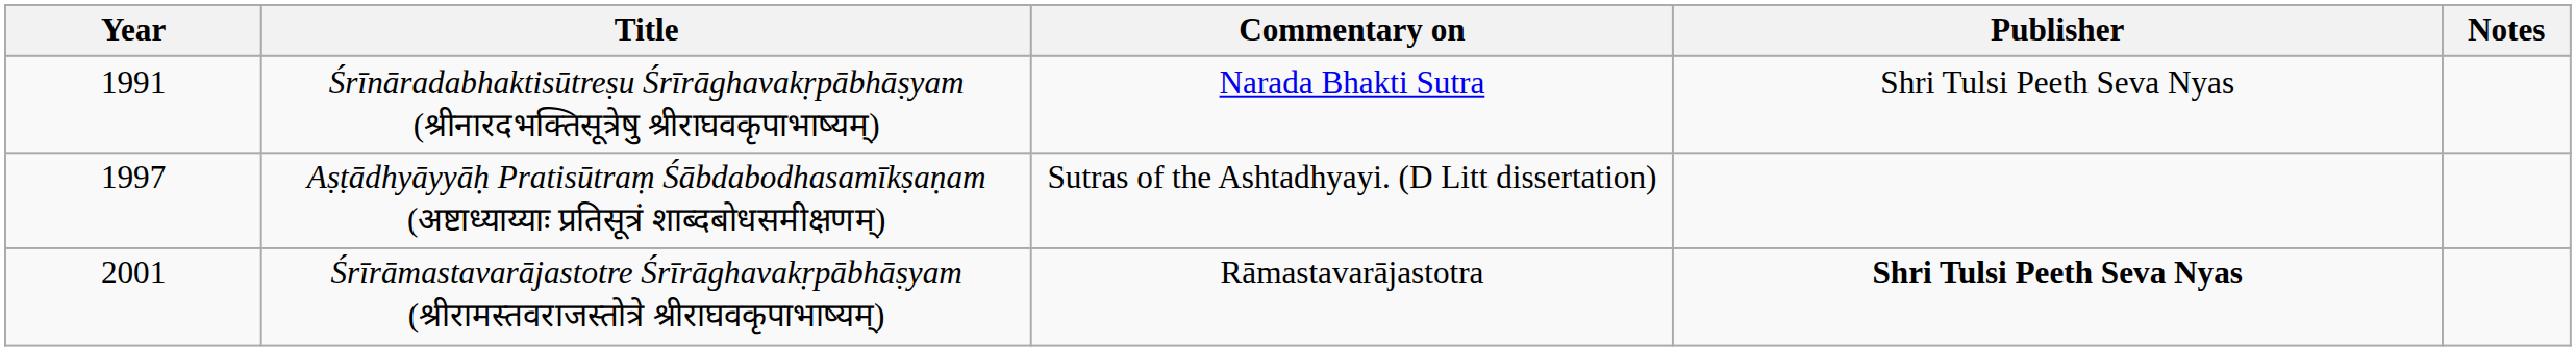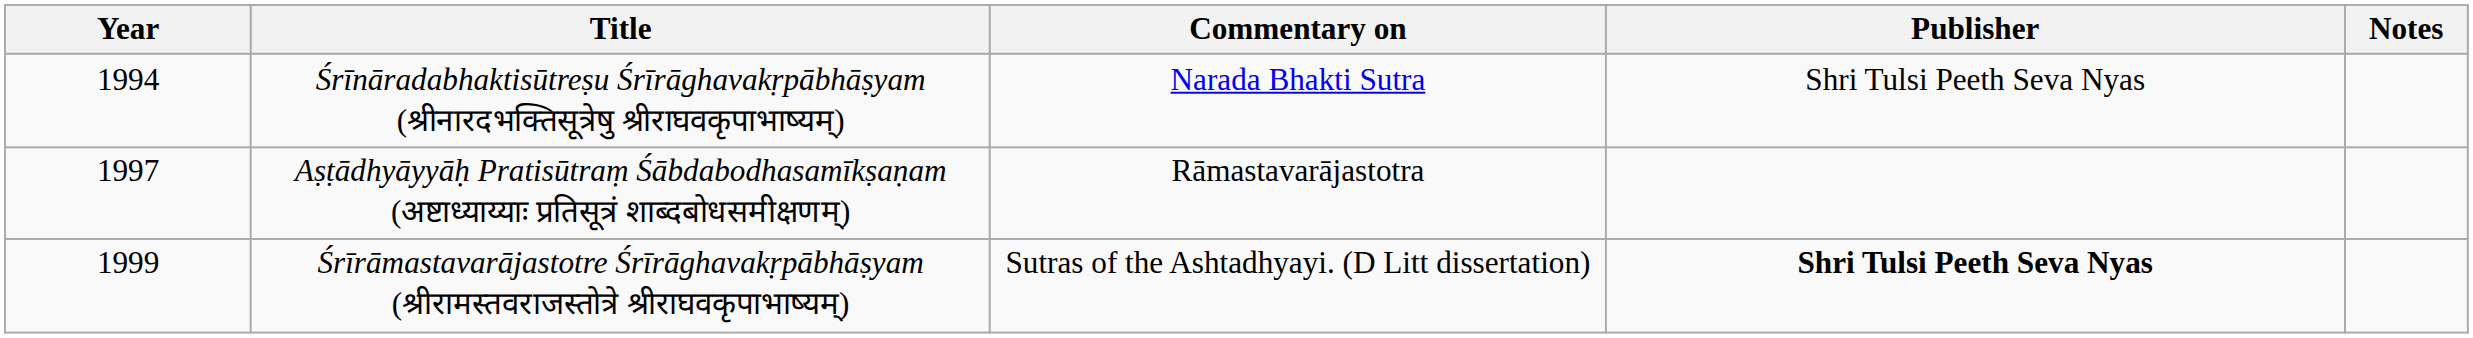 <table class="wikitable sortable" align="center" style="text-align:center;clear:both;" width="100%">
 <tr align="center" bgcolor="#696969">
 <th scope="col" width="10%"><div>Year</div></th>
 <th scope="col" width="30%"><div>Title</div></th>
 <th scope="col" width="25%"><div>Commentary on</div></th>
 <th scope="col" width="30%"><div>Publisher</div></th>
 <th scope="col" class="unsortable" align="center" width="5%">Notes</th>
 </tr>
 <tr valign="top">
-<td>1991</td>
+<td>1994</td>
 <td><em>Śrīnāradabhaktisūtreṣu Śrīrāghavakṛpābhāṣyam</em> (श्रीनारदभक्तिसूत्रेषु श्रीराघवकृपाभाष्यम्)</td>
 <td><a href='#'>Narada Bhakti Sutra</a></td>
 <td>Shri Tulsi Peeth Seva Nyas</td>
 <td></td>
 </tr>
 <tr valign="top">
 <td>1997</td>
 <td><em>Aṣṭādhyāyyāḥ Pratisūtraṃ Śābdabodhasamīkṣaṇam</em> (अष्टाध्याय्याः प्रतिसूत्रं शाब्दबोधसमीक्षणम्)</td>
-<td>Sutras of the Ashtadhyayi. (D Litt dissertation)</td>
+<td>Rāmastavarājastotra</td>
 <td></td>
 <td></td>
 </tr>
 <tr valign="top">
-<td>2001</td>
+<td>1999</td>
 <td><em>Śrīrāmastavarājastotre Śrīrāghavakṛpābhāṣyam</em> (श्रीरामस्तवराजस्तोत्रे श्रीराघवकृपाभाष्यम्)</td>
-<td>Rāmastavarājastotra</td>
+<td>Sutras of the Ashtadhyayi. (D Litt dissertation)</td>
 <td><strong>Shri Tulsi Peeth Seva Nyas</strong></td>
 <td></td>
 </tr>
 </table>
